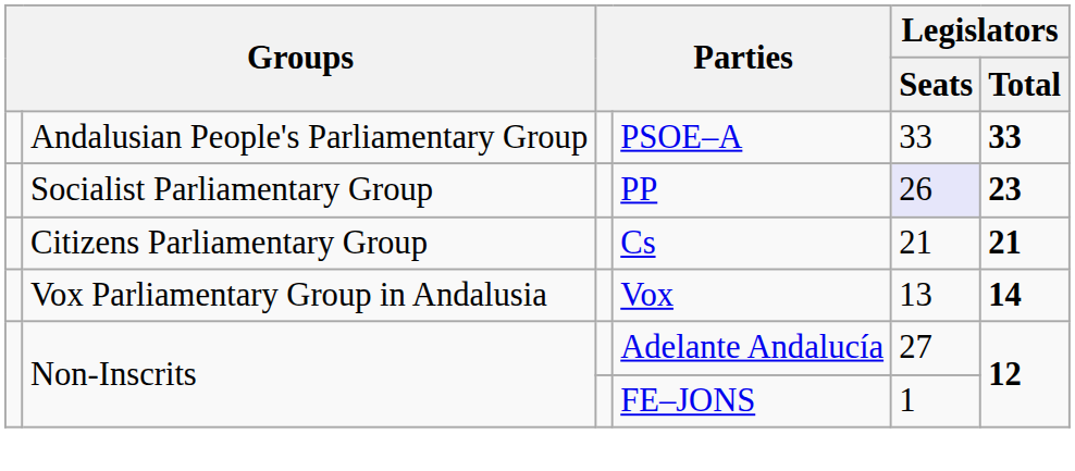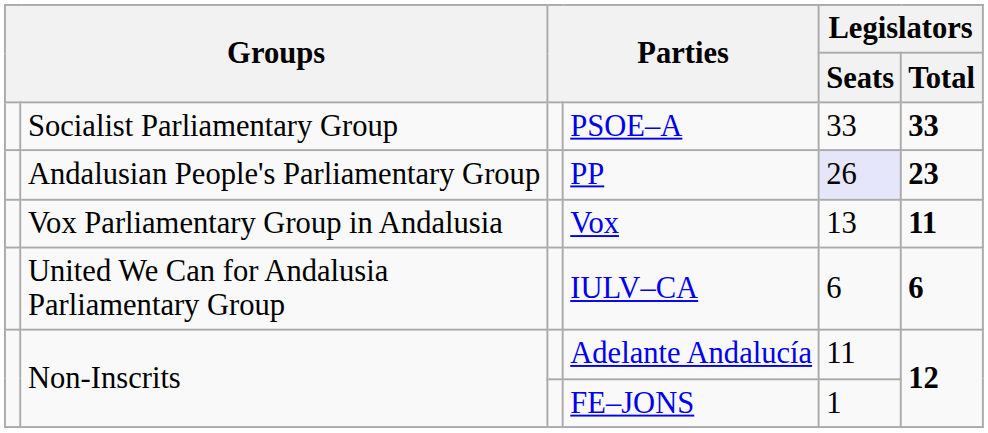 <table class="wikitable" style="text-align:left;">
 <tr>
 <th rowspan="2" colspan="2">Groups</th>
 <th rowspan="2" colspan="2">Parties</th>
 <th colspan="2">Legislators</th>
 </tr>
 <tr>
 <th>Seats</th>
 <th>Total</th>
 </tr>
 <tr>
 <td width="1" style="color:inherit;background:"></td>
-<td>Andalusian People's Parliamentary Group</td>
+<td>Socialist Parliamentary Group</td>
 <td width="1" style="color:inherit;background:"></td>
 <td><a href='#'>PSOE–A</a></td>
 <td>33</td>
 <td><strong>33</strong></td>
 </tr>
 <tr>
 <td style="color:inherit;background:"></td>
-<td>Socialist Parliamentary Group</td>
+<td>Andalusian People's Parliamentary Group</td>
 <td style="color:inherit;background:"></td>
 <td><a href='#'>PP</a></td>
 <td style="background: lavender;">26</td>
 <td><strong>23</strong></td>
 </tr>
 <tr>
 <td style="color:inherit;background:"></td>
-<td>Citizens Parliamentary Group</td>
-<td style="color:inherit;background:"></td>
-<td><a href='#'>Cs</a></td>
-<td>21</td>
-<td><strong>21</strong></td>
-</tr>
-<tr>
-<td style="color:inherit;background:"></td>
 <td>Vox Parliamentary Group in Andalusia</td>
 <td style="color:inherit;background:"></td>
 <td><a href='#'>Vox</a></td>
 <td>13</td>
-<td><strong>14</strong></td>
+<td><strong>11</strong></td>
+</tr>
+<tr>
+<td style="color:inherit;background:"></td>
+<td>United We Can for Andalusia<br>Parliamentary Group</td>
+<td style="color:inherit;background:"></td>
+<td><a href='#'>IULV–CA</a></td>
+<td>6</td>
+<td><strong>6</strong></td>
 </tr>
 <tr>
 <td rowspan="2" style="color:inherit;background:"></td>
 <td rowspan="2">Non-Inscrits</td>
 <td style="color:inherit;background:"></td>
 <td><a href='#'>Adelante Andalucía</a></td>
-<td>27</td>
+<td>11</td>
 <td rowspan="2"><strong>12</strong></td>
 </tr>
 <tr>
 <td style="color:inherit;background:"></td>
 <td><a href='#'>FE–JONS</a></td>
 <td>1</td>
 </tr>
 </table>
